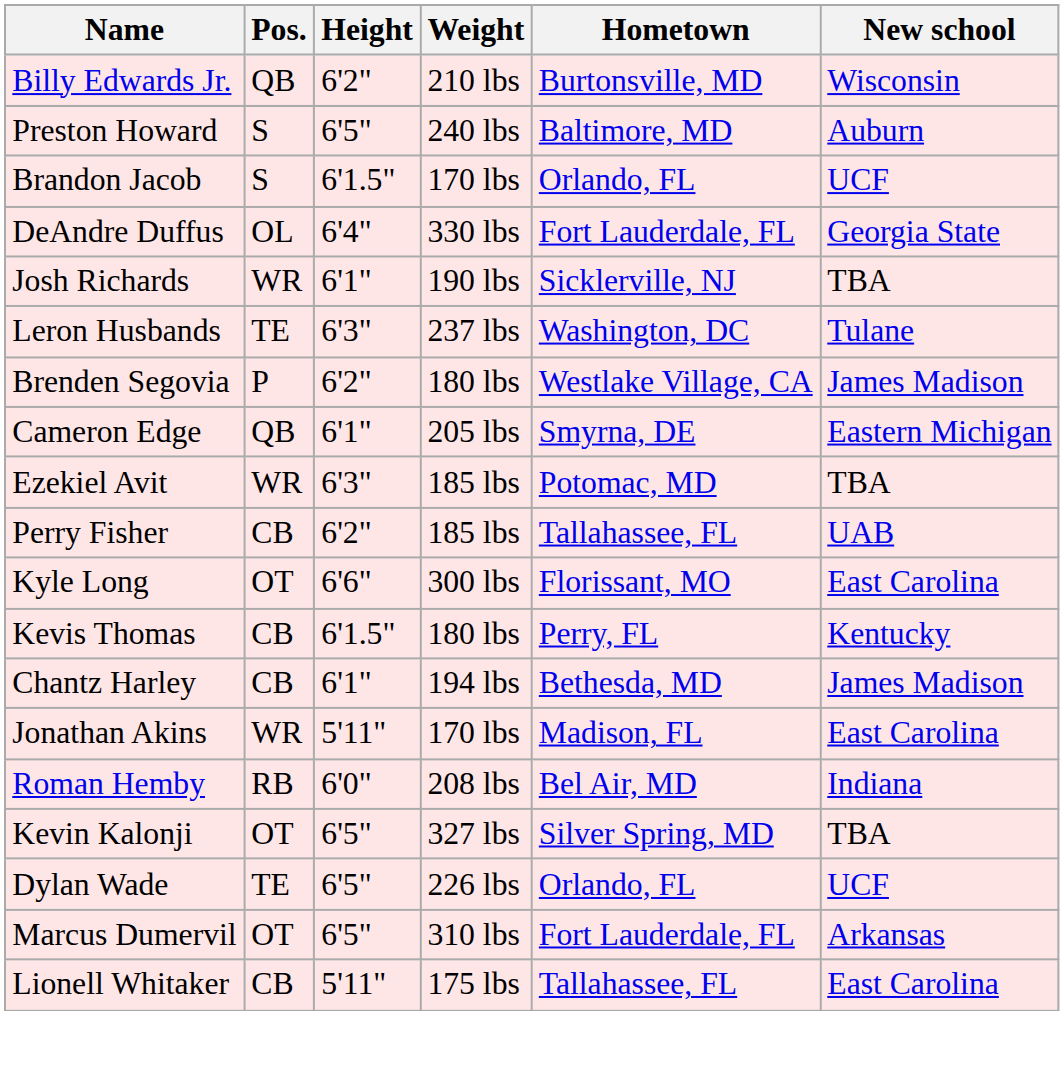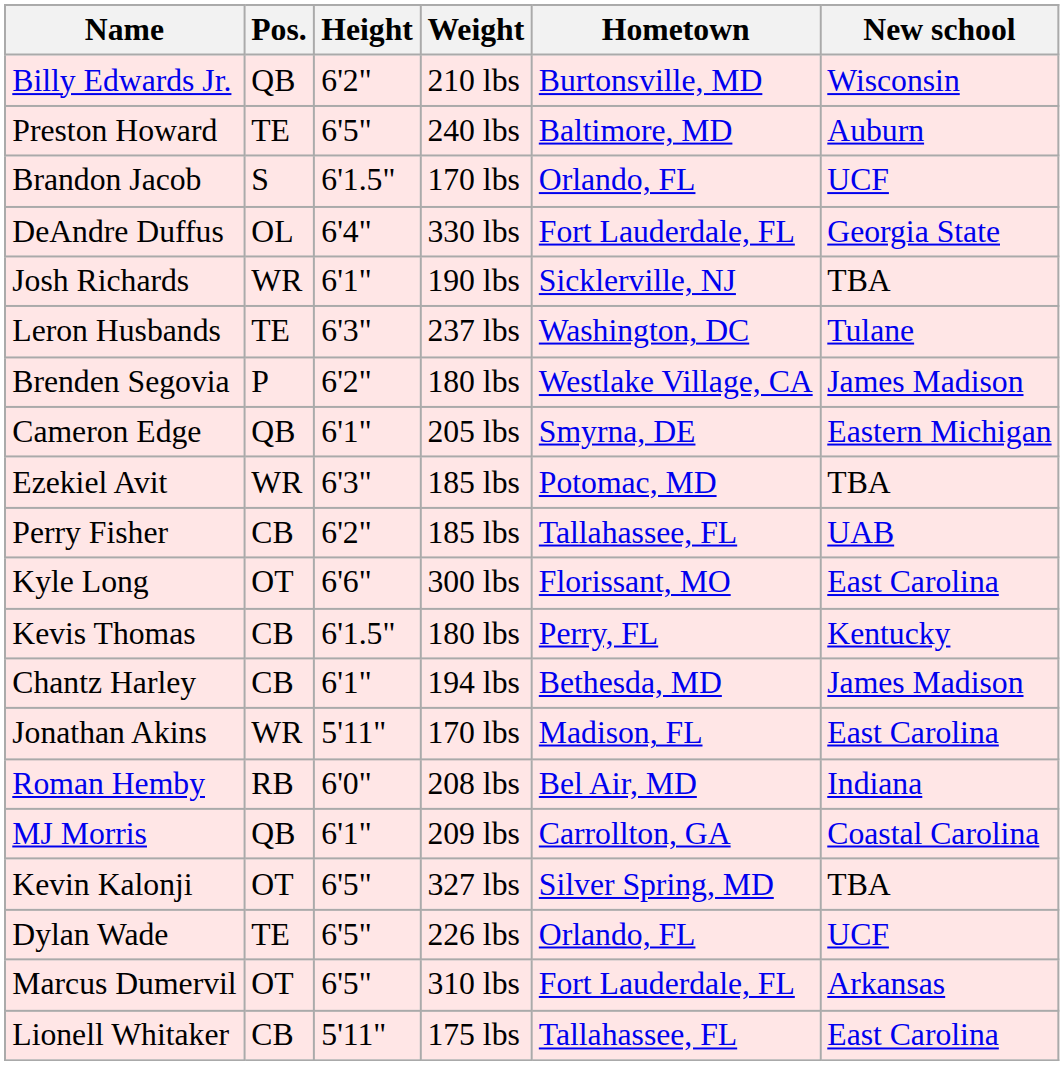 <table class="wikitable sortable">
 <tr>
 <th>Name</th>
 <th>Pos.</th>
 <th>Height</th>
 <th>Weight</th>
 <th>Hometown</th>
 <th class="unsortable">New school</th>
 </tr>
 <tr style="background:#FFE6E6;">
 <td><a href='#'>Billy Edwards Jr.</a></td>
 <td>QB</td>
 <td>6'2"</td>
 <td>210 lbs</td>
 <td><a href='#'>Burtonsville, MD</a></td>
 <td><a href='#'>Wisconsin</a></td>
 </tr>
 <tr style="background:#FFE6E6;">
 <td>Preston Howard</td>
-<td>S</td>
+<td>TE</td>
 <td>6'5"</td>
 <td>240 lbs</td>
 <td><a href='#'>Baltimore, MD</a></td>
 <td><a href='#'>Auburn</a></td>
 </tr>
 <tr style="background:#FFE6E6;">
 <td>Brandon Jacob</td>
 <td>S</td>
 <td>6'1.5"</td>
 <td>170 lbs</td>
 <td><a href='#'>Orlando, FL</a></td>
 <td><a href='#'>UCF</a></td>
 </tr>
 <tr style="background:#FFE6E6;">
 <td>DeAndre Duffus</td>
 <td>OL</td>
 <td>6'4"</td>
 <td>330 lbs</td>
 <td><a href='#'>Fort Lauderdale, FL</a></td>
 <td><a href='#'>Georgia State</a></td>
 </tr>
 <tr style="background:#FFE6E6;">
 <td>Josh Richards</td>
 <td>WR</td>
 <td>6'1"</td>
 <td>190 lbs</td>
 <td><a href='#'>Sicklerville, NJ</a></td>
 <td>TBA</td>
 </tr>
 <tr style="background:#FFE6E6;">
 <td>Leron Husbands</td>
 <td>TE</td>
 <td>6'3"</td>
 <td>237 lbs</td>
 <td><a href='#'>Washington, DC</a></td>
 <td><a href='#'>Tulane</a></td>
 </tr>
 <tr style="background:#FFE6E6;">
 <td>Brenden Segovia</td>
 <td>P</td>
 <td>6'2"</td>
 <td>180 lbs</td>
 <td><a href='#'>Westlake Village, CA</a></td>
 <td><a href='#'>James Madison</a></td>
 </tr>
 <tr style="background:#FFE6E6;">
 <td>Cameron Edge</td>
 <td>QB</td>
 <td>6'1"</td>
 <td>205 lbs</td>
 <td><a href='#'>Smyrna, DE</a></td>
 <td><a href='#'>Eastern Michigan</a></td>
 </tr>
 <tr style="background:#FFE6E6;”">
 <td>Ezekiel Avit</td>
 <td>WR</td>
 <td>6'3"</td>
 <td>185 lbs</td>
 <td><a href='#'>Potomac, MD</a></td>
 <td>TBA</td>
 </tr>
 <tr style="background:#FFE6E6;">
 <td>Perry Fisher</td>
 <td>CB</td>
 <td>6'2"</td>
 <td>185 lbs</td>
 <td><a href='#'>Tallahassee, FL</a></td>
 <td><a href='#'>UAB</a></td>
 </tr>
 <tr style="background:#FFE6E6;">
 <td>Kyle Long</td>
 <td>OT</td>
 <td>6'6"</td>
 <td>300 lbs</td>
 <td><a href='#'>Florissant, MO</a></td>
 <td><a href='#'>East Carolina</a></td>
 </tr>
 <tr style="background:#FFE6E6;">
 <td>Kevis Thomas</td>
 <td>CB</td>
 <td>6'1.5"</td>
 <td>180 lbs</td>
 <td><a href='#'>Perry, FL</a></td>
 <td><a href='#'>Kentucky</a></td>
 </tr>
 <tr style="background:#FFE6E6;">
 <td>Chantz Harley</td>
 <td>CB</td>
 <td>6'1"</td>
 <td>194 lbs</td>
 <td><a href='#'>Bethesda, MD</a></td>
 <td><a href='#'>James Madison</a></td>
 </tr>
 <tr style="background:#FFE6E6;">
 <td>Jonathan Akins</td>
 <td>WR</td>
 <td>5'11"</td>
 <td>170 lbs</td>
 <td><a href='#'>Madison, FL</a></td>
 <td><a href='#'>East Carolina</a></td>
 </tr>
 <tr style="background:#FFE6E6;">
 <td><a href='#'>Roman Hemby</a></td>
 <td>RB</td>
 <td>6'0"</td>
 <td>208 lbs</td>
 <td><a href='#'>Bel Air, MD</a></td>
 <td><a href='#'>Indiana</a></td>
 </tr>
 <tr style="background:#FFE6E6;">
+<td><a href='#'>MJ Morris</a></td>
+<td>QB</td>
+<td>6'1"</td>
+<td>209 lbs</td>
+<td><a href='#'>Carrollton, GA</a></td>
+<td><a href='#'>Coastal Carolina</a></td>
+</tr>
+<tr style="background:#FFE6E6;">
 <td>Kevin Kalonji</td>
 <td>OT</td>
 <td>6'5"</td>
 <td>327 lbs</td>
 <td><a href='#'>Silver Spring, MD</a></td>
 <td>TBA</td>
 </tr>
 <tr style="background:#FFE6E6;">
 <td>Dylan Wade</td>
 <td>TE</td>
 <td>6'5"</td>
 <td>226 lbs</td>
 <td><a href='#'>Orlando, FL</a></td>
 <td><a href='#'>UCF</a></td>
 </tr>
 <tr style="background:#FFE6E6;">
 <td>Marcus Dumervil</td>
 <td>OT</td>
 <td>6'5"</td>
 <td>310 lbs</td>
 <td><a href='#'>Fort Lauderdale, FL</a></td>
 <td><a href='#'>Arkansas</a></td>
 </tr>
 <tr style="background:#FFE6E6;">
 <td>Lionell Whitaker</td>
 <td>CB</td>
 <td>5'11"</td>
 <td>175 lbs</td>
 <td><a href='#'>Tallahassee, FL</a></td>
 <td><a href='#'>East Carolina</a></td>
 </tr>
 </table>
